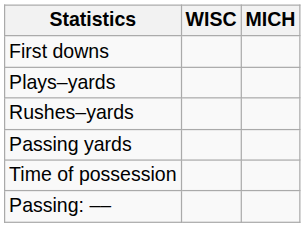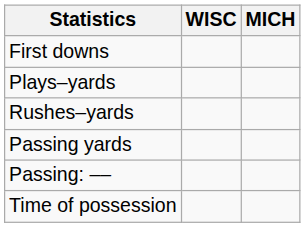 <table class="wikitable" style="float:left">
 <tr>
 <th>Statistics</th>
 <th>WISC</th>
 <th>MICH</th>
 </tr>
 <tr>
 <td>First downs</td>
 <td></td>
 <td></td>
 </tr>
 <tr>
 <td>Plays–yards</td>
 <td></td>
 <td></td>
 </tr>
 <tr>
 <td>Rushes–yards</td>
 <td></td>
 <td></td>
 </tr>
 <tr>
 <td>Passing yards</td>
 <td></td>
 <td></td>
 </tr>
 <tr>
+<td>Passing: ––</td>
+<td></td>
+<td></td>
+</tr>
+<tr>
 <td>Time of possession</td>
 <td></td>
 <td></td>
 </tr>
-<tr>
-<td>Passing: ––</td>
-<td></td>
-<td></td>
-</tr>
 </table>
